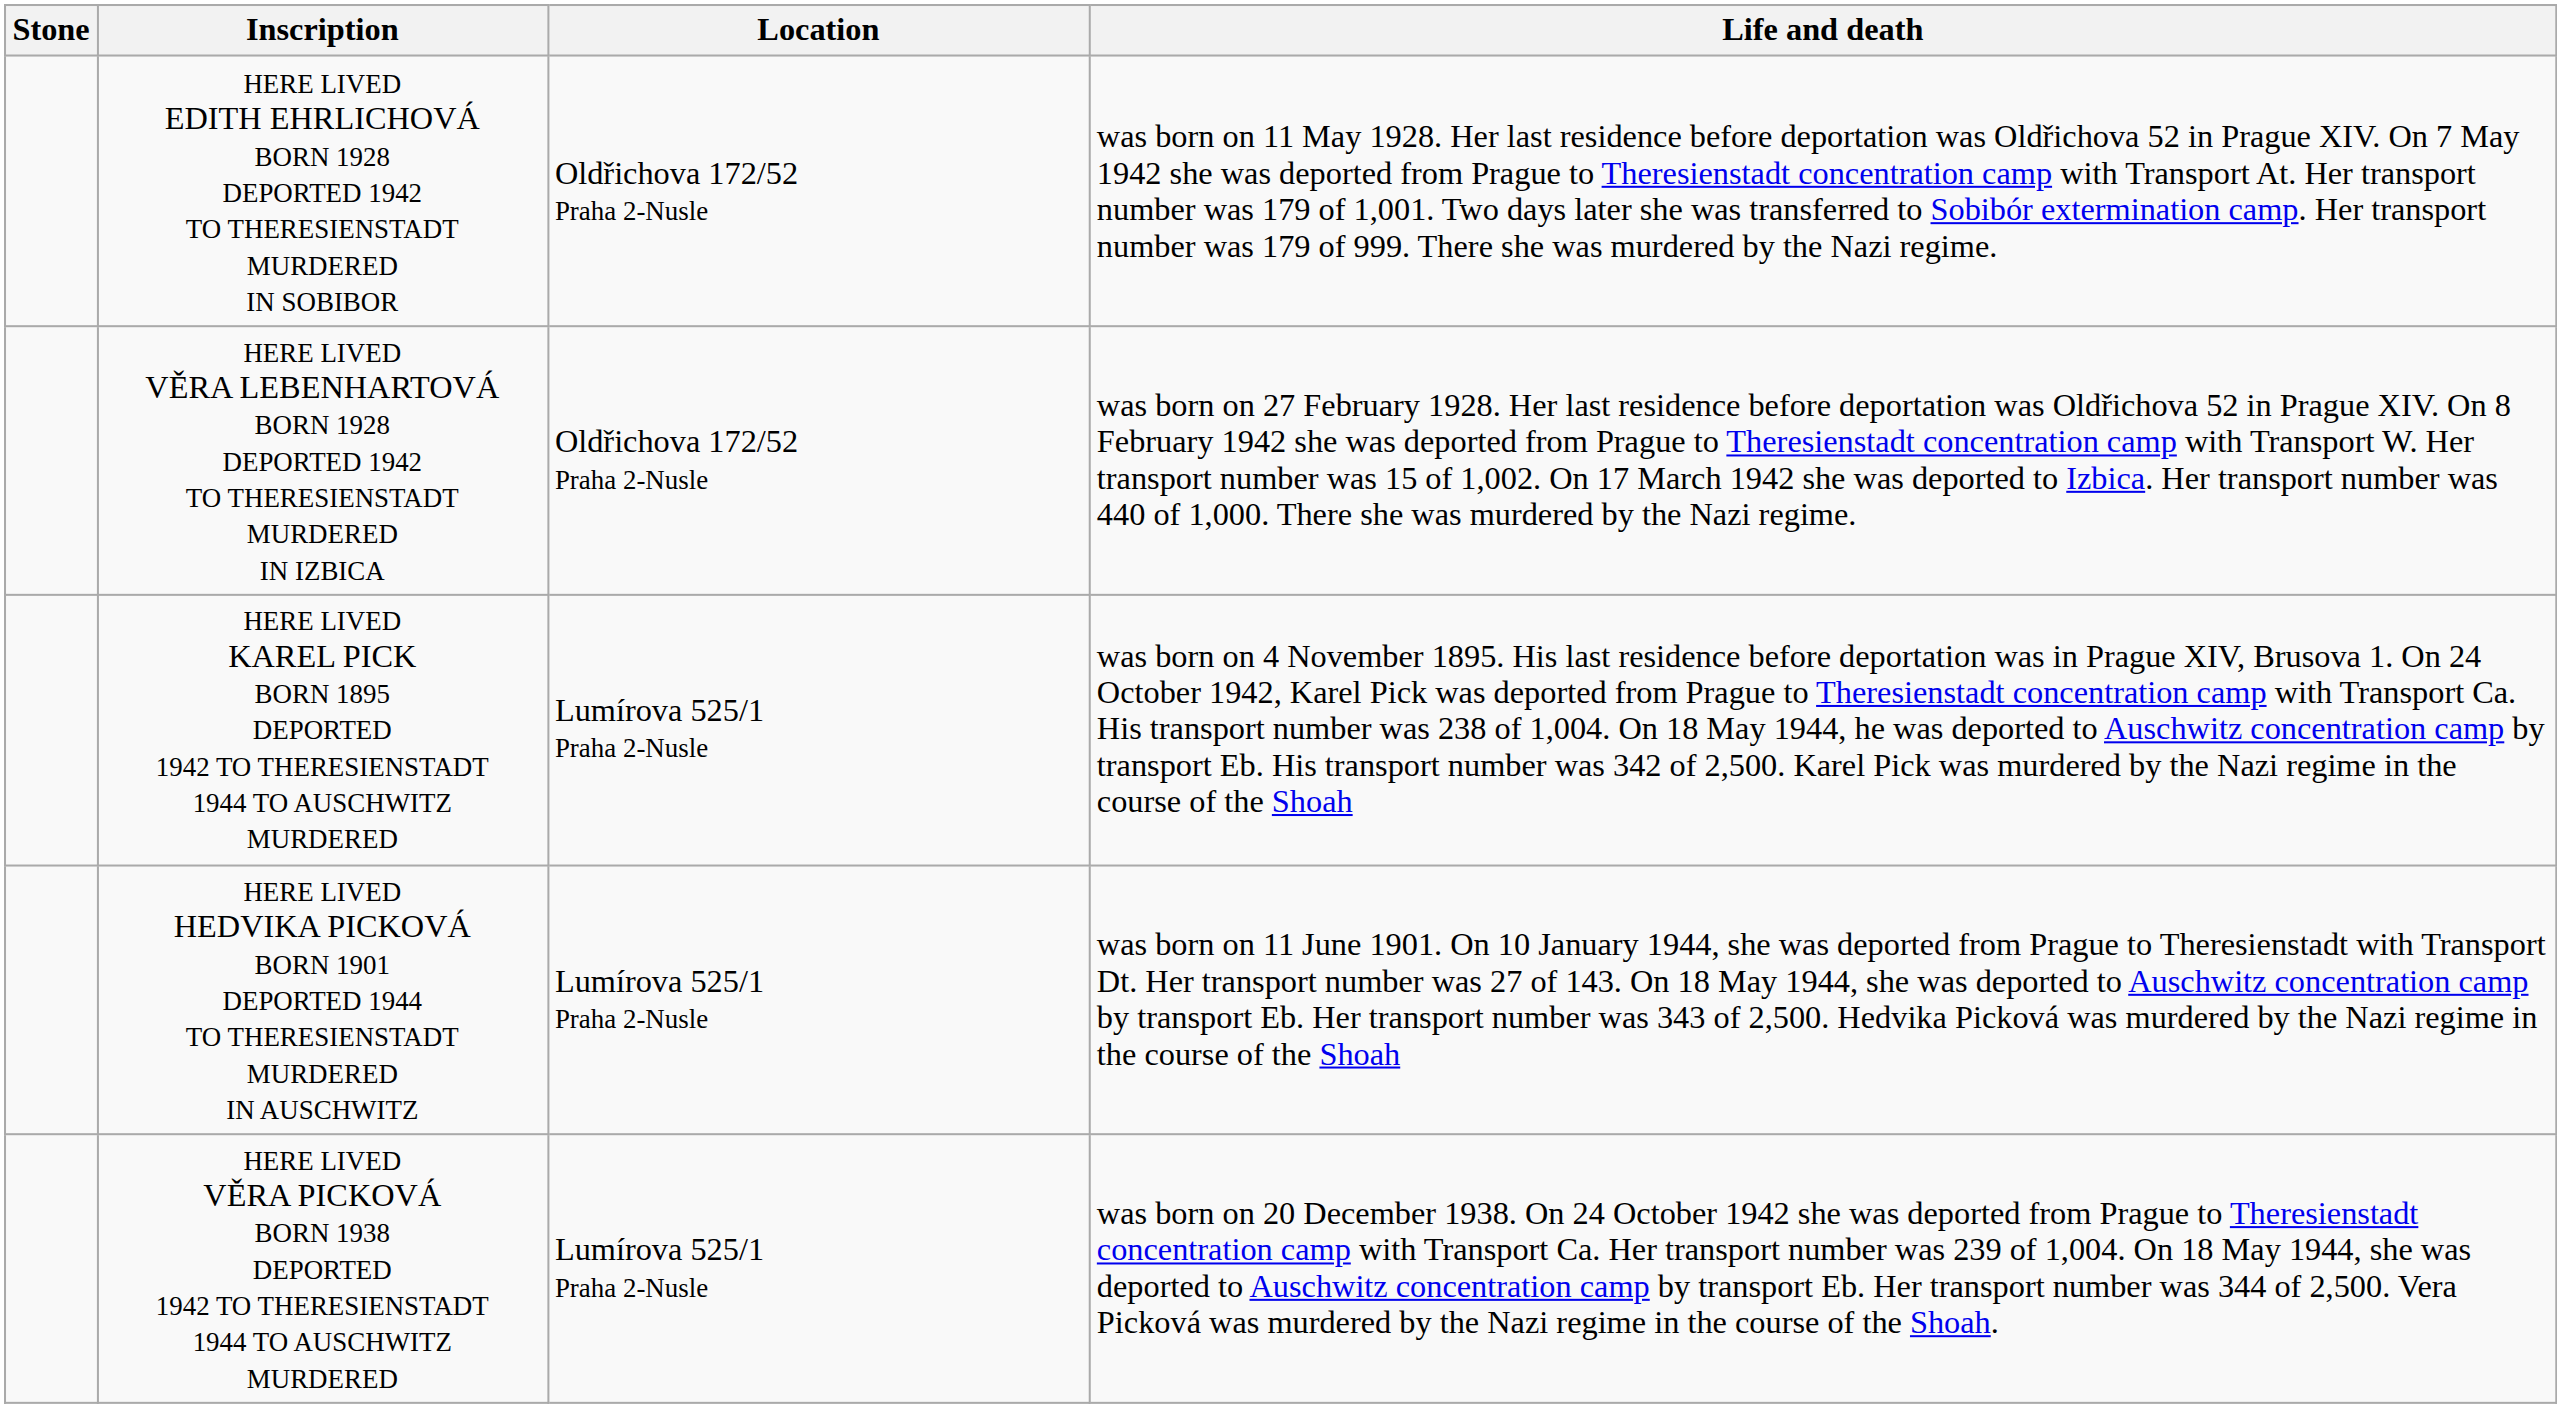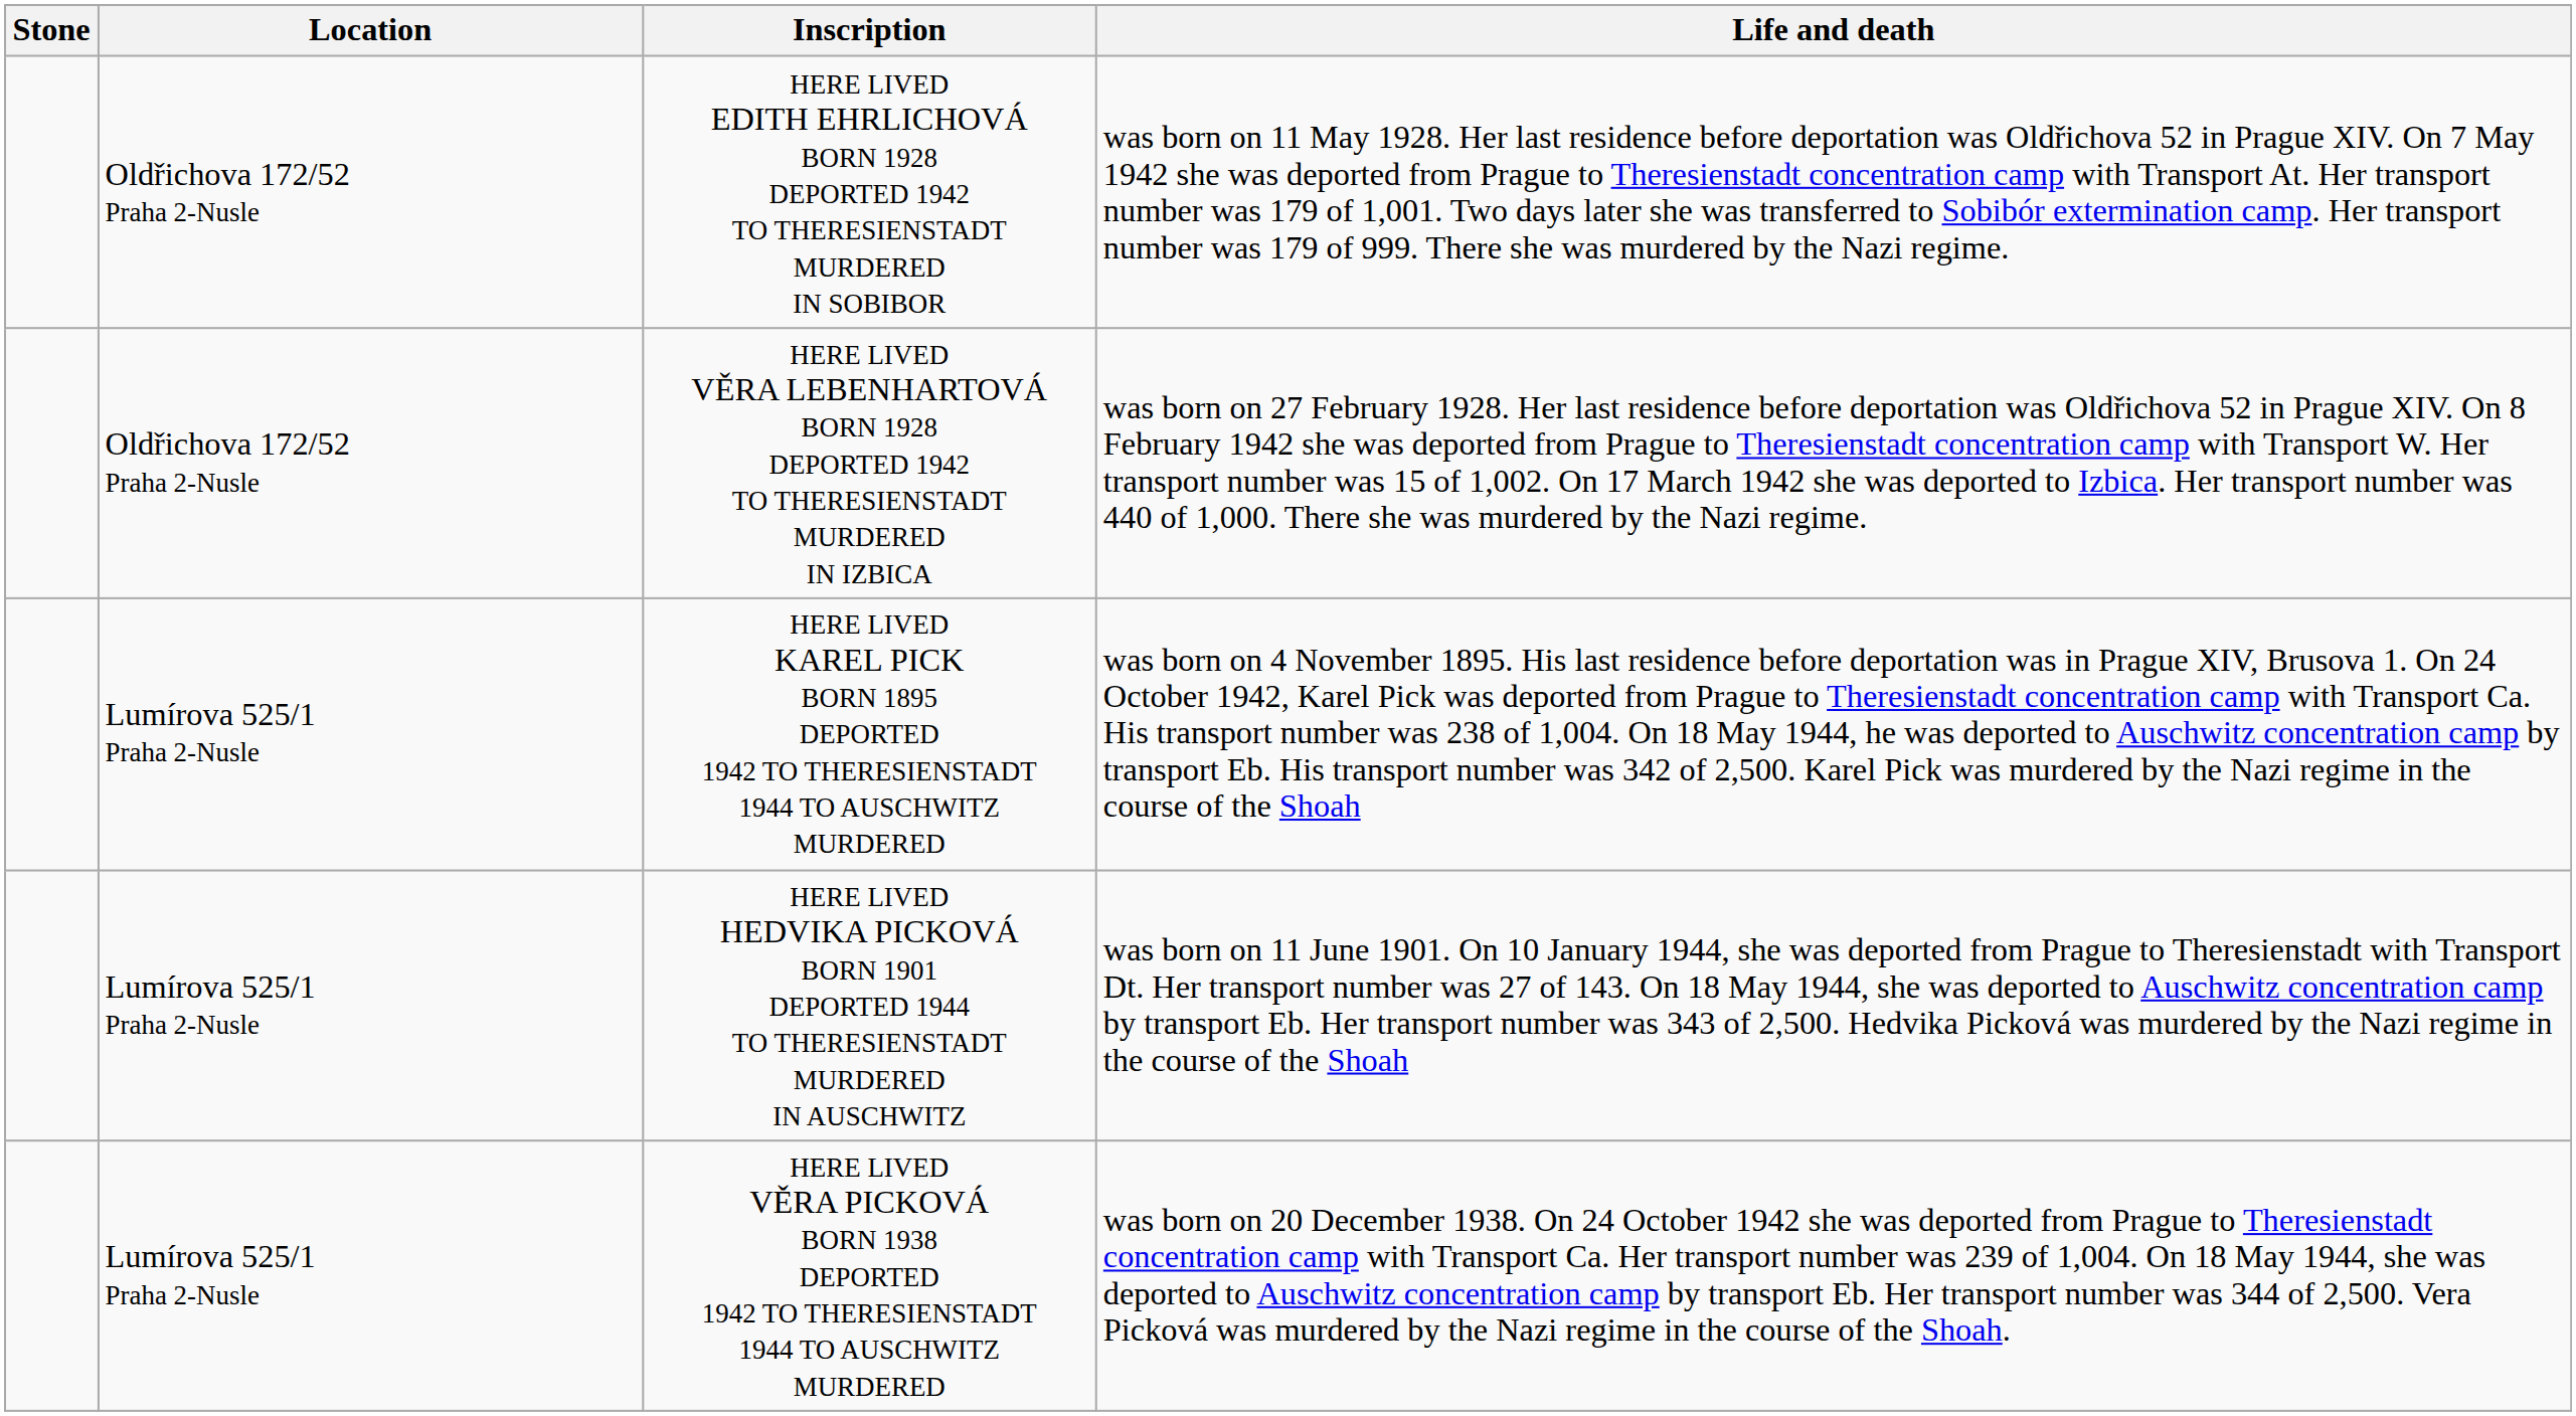 <table class="wikitable sortable toptextcells" style="width:100%">
 <tr>
 <th class="hintergrundfarbe6 unsortable" width="120px">Stone</th>
+<th class="hintergrundfarbe6" data-sort-type="text" style ="width:22%;">Location</th>
 <th class="hintergrundfarbe6 unsortable" style ="width:18%;">Inscription</th>
-<th class="hintergrundfarbe6" data-sort-type="text" style ="width:22%;">Location</th>
 <th class="hintergrundfarbe6" style="width:100%;">Life and death</th>
 </tr>
 <tr>
 <td></td>
+<td>Oldřichova 172/52<br><small>Praha 2-Nusle</small></td>
 <td style="text-align:center"><div><small>HERE LIVED</small><br>EDITH EHRLICHOVÁ<br><small>BORN 1928<br>DEPORTED 1942<br>TO THERESIENSTADT<br>MURDERED<br>IN SOBIBOR</small></div></td>
-<td>Oldřichova 172/52<br><small>Praha 2-Nusle</small></td>
 <td><strong></strong> was born on 11 May 1928. Her last residence before deportation was Oldřichova 52 in Prague XIV. On 7 May 1942 she was deported from Prague to <a href='#'>Theresienstadt concentration camp</a> with Transport At. Her transport number was 179 of 1,001. Two days later she was transferred to <a href='#'>Sobibór extermination camp</a>. Her transport number was 179 of 999.  There she was murdered by the Nazi regime.</td>
 </tr>
 <tr>
 <td></td>
+<td>Oldřichova 172/52<br><small>Praha 2-Nusle</small></td>
 <td style="text-align:center"><div><small>HERE LIVED</small><br>VĚRA LEBENHARTOVÁ<br><small>BORN 1928<br>DEPORTED 1942<br>TO THERESIENSTADT<br>MURDERED<br>IN IZBICA</small></div></td>
-<td>Oldřichova 172/52<br><small>Praha 2-Nusle</small></td>
 <td><strong></strong> was born on 27 February 1928. Her last residence before deportation was Oldřichova 52 in Prague XIV. On 8 February 1942 she was deported from Prague to <a href='#'>Theresienstadt concentration camp</a> with Transport W. Her transport number was 15 of 1,002. On 17 March 1942 she was deported to <a href='#'>Izbica</a>. Her transport number was 440 of 1,000. There she was murdered by the Nazi regime.</td>
 </tr>
 <tr>
 <td></td>
+<td>Lumírova 525/1<br><small>Praha 2-Nusle</small></td>
 <td style="text-align:center"><div><small>HERE LIVED</small><br>KAREL PICK<br><small>BORN 1895<br>DEPORTED<br>1942 TO THERESIENSTADT<br>1944 TO AUSCHWITZ<br>MURDERED</small></div></td>
-<td>Lumírova 525/1<br><small>Praha 2-Nusle</small></td>
 <td><strong></strong> was born on 4 November 1895. His last residence before deportation was in Prague XIV, Brusova 1. On 24 October 1942, Karel Pick was deported from Prague to <a href='#'>Theresienstadt concentration camp</a> with Transport Ca. His transport number was 238 of 1,004. On 18 May 1944, he was deported to <a href='#'>Auschwitz concentration camp</a> by transport Eb. His transport number was 342 of 2,500. Karel Pick was murdered by the Nazi regime in the course of the <a href='#'>Shoah</a></td>
 </tr>
 <tr>
 <td></td>
+<td>Lumírova 525/1<br><small>Praha 2-Nusle</small></td>
 <td style="text-align:center"><div><small>HERE LIVED</small><br>HEDVIKA PICKOVÁ<br><small>BORN 1901<br>DEPORTED 1944<br>TO THERESIENSTADT<br>MURDERED<br>IN AUSCHWITZ</small></div></td>
-<td>Lumírova 525/1<br><small>Praha 2-Nusle</small></td>
 <td><strong></strong> was born on 11 June 1901. On 10 January 1944, she was deported from Prague to Theresienstadt with Transport Dt. Her transport number was 27 of 143. On 18 May 1944, she was deported to <a href='#'>Auschwitz concentration camp</a> by transport Eb. Her transport number was 343 of 2,500. Hedvika Picková was murdered by the Nazi regime in the course of the <a href='#'>Shoah</a></td>
 </tr>
 <tr>
 <td></td>
+<td>Lumírova 525/1<br><small>Praha 2-Nusle</small></td>
 <td style="text-align:center"><div><small>HERE LIVED</small><br>VĚRA PICKOVÁ<br><small>BORN 1938<br>DEPORTED<br>1942 TO THERESIENSTADT<br>1944 TO AUSCHWITZ<br>MURDERED</small></div></td>
-<td>Lumírova 525/1<br><small>Praha 2-Nusle</small></td>
 <td><strong></strong> was born on 20 December 1938. On 24 October 1942 she was deported from Prague to <a href='#'>Theresienstadt concentration camp</a> with Transport Ca. Her transport number was 239 of 1,004. On 18 May 1944, she was deported to <a href='#'>Auschwitz concentration camp</a> by transport Eb. Her transport number was 344 of 2,500. Vera Picková was murdered by the Nazi regime in the course of the <a href='#'>Shoah</a>.</td>
 </tr>
 </table>
